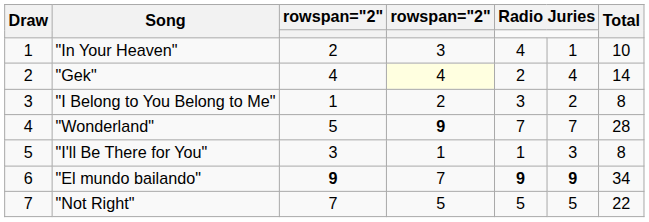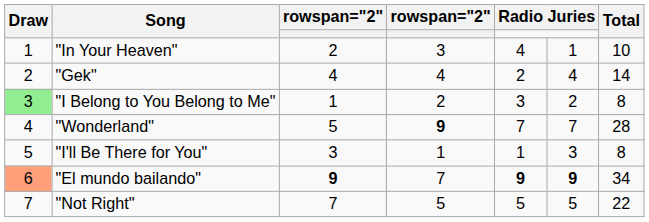 <table class="wikitable collapsible" style="margin: 1em auto 1em auto; text-align:center;">
 <tr>
 <th rowspan="2">Draw</th>
 <th rowspan="2">Song</th>
 <th>rowspan="2" </th>
 <th>rowspan="2" </th>
 <th colspan="2">Radio Juries</th>
 <th rowspan="2">Total</th>
 </tr>
 <tr>
 <th></th>
 <th></th>
 </tr>
 <tr>
 <td>1</td>
 <td align="left">"In Your Heaven"</td>
 <td>2</td>
 <td>3</td>
 <td>4</td>
 <td>1</td>
 <td>10</td>
 </tr>
 <tr>
 <td>2</td>
 <td align="left">"Gek"</td>
 <td>4</td>
-<td style="background: lightyellow;">4</td>
+<td>4</td>
 <td>2</td>
 <td>4</td>
 <td>14</td>
 </tr>
 <tr>
-<td>3</td>
+<td style="background: lightgreen;">3</td>
 <td align="left">"I Belong to You Belong to Me"</td>
 <td>1</td>
 <td>2</td>
 <td>3</td>
 <td>2</td>
 <td>8</td>
 </tr>
 <tr>
 <td>4</td>
 <td align="left">"Wonderland"</td>
 <td>5</td>
 <td><strong>9</strong></td>
 <td>7</td>
 <td>7</td>
 <td>28</td>
 </tr>
 <tr>
 <td>5</td>
 <td align="left">"I'll Be There for You"</td>
 <td>3</td>
 <td>1</td>
 <td>1</td>
 <td>3</td>
 <td>8</td>
 </tr>
 <tr>
-<td>6</td>
+<td style="background: lightsalmon;">6</td>
 <td align="left">"El mundo bailando"</td>
 <td><strong>9</strong></td>
 <td>7</td>
 <td><strong>9</strong></td>
 <td><strong>9</strong></td>
 <td>34</td>
 </tr>
 <tr>
 <td>7</td>
 <td align="left">"Not Right"</td>
 <td>7</td>
 <td>5</td>
 <td>5</td>
 <td>5</td>
 <td>22</td>
 </tr>
 </table>
